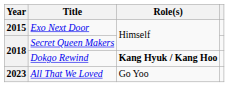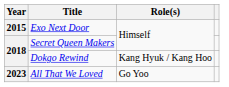 <table class="wikitable plainrowheaders">
 <tr>
 <th scope="col">Year</th>
 <th scope="col">Title</th>
 <th scope="col">Role(s)</th>
 <th scope="col" class="unsortable"></th>
 </tr>
 <tr>
 <th scope="row">2015</th>
 <td><em><a href='#'>Exo Next Door</a></em></td>
 <td rowspan="2">Himself</td>
 <td style="text-align:center"></td>
 </tr>
 <tr>
 <th scope="row" rowspan="2">2018</th>
 <td><em><a href='#'>Secret Queen Makers</a></em></td>
 <td style="text-align:center"></td>
 </tr>
 <tr>
 <td><em><a href='#'>Dokgo Rewind</a></em></td>
-<td><strong>Kang Hyuk / Kang Hoo</strong></td>
+<td>Kang Hyuk / Kang Hoo</td>
 <td style="text-align:center"></td>
 </tr>
 <tr>
 <th scope="row">2023</th>
 <td><em><a href='#'>All That We Loved</a></em></td>
 <td>Go Yoo</td>
 <td style="text-align:center"></td>
 </tr>
 </table>
